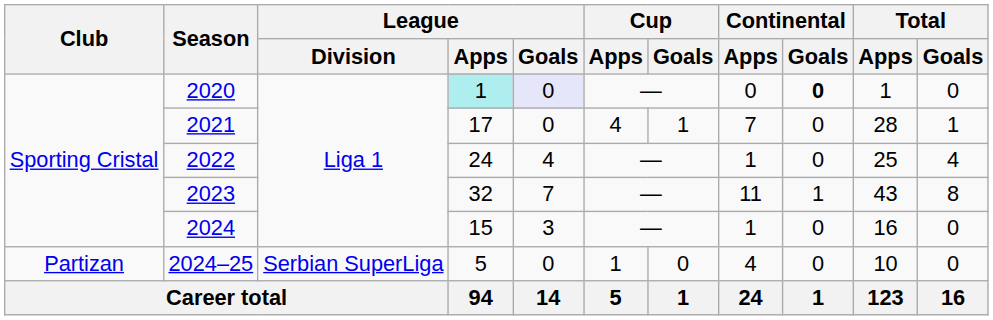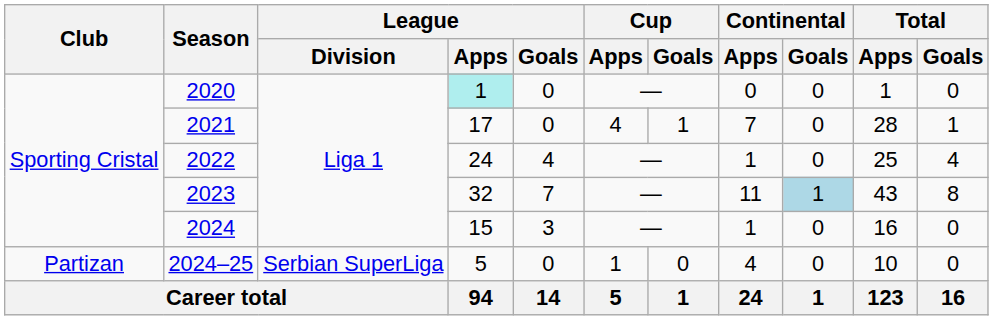 <table class="wikitable" style="text-align: center">
 <tr>
 <th rowspan="2">Club</th>
 <th rowspan="2">Season</th>
 <th colspan="3">League</th>
 <th colspan="2">Cup</th>
 <th colspan="2">Continental</th>
 <th colspan="2">Total</th>
 </tr>
 <tr>
 <th>Division</th>
 <th>Apps</th>
 <th>Goals</th>
 <th>Apps</th>
 <th>Goals</th>
 <th>Apps</th>
 <th>Goals</th>
 <th>Apps</th>
 <th>Goals</th>
 </tr>
 <tr>
 <td rowspan="5"><a href='#'>Sporting Cristal</a></td>
 <td><a href='#'>2020</a></td>
 <td rowspan="5"><a href='#'>Liga 1</a></td>
 <td style="background: paleturquoise;">1</td>
-<td style="background: lavender;">0</td>
+<td>0</td>
 <td colspan="2">—</td>
 <td>0</td>
-<td><strong>0</strong></td>
+<td>0</td>
 <td>1</td>
 <td>0</td>
 </tr>
 <tr>
 <td><a href='#'>2021</a></td>
 <td>17</td>
 <td>0</td>
 <td>4</td>
 <td>1</td>
 <td>7</td>
 <td>0</td>
 <td>28</td>
 <td>1</td>
 </tr>
 <tr>
 <td><a href='#'>2022</a></td>
 <td>24</td>
 <td>4</td>
 <td colspan="2">—</td>
 <td>1</td>
 <td>0</td>
 <td>25</td>
 <td>4</td>
 </tr>
 <tr>
 <td><a href='#'>2023</a></td>
 <td>32</td>
 <td>7</td>
 <td colspan="2">—</td>
 <td>11</td>
-<td>1</td>
+<td style="background: lightblue;">1</td>
 <td>43</td>
 <td>8</td>
 </tr>
 <tr>
 <td><a href='#'>2024</a></td>
 <td>15</td>
 <td>3</td>
 <td colspan="2">—</td>
 <td>1</td>
 <td>0</td>
 <td>16</td>
 <td>0</td>
 </tr>
 <tr>
 <td rowspan="1"><a href='#'>Partizan</a></td>
 <td><a href='#'>2024–25</a></td>
 <td rowspan="1"><a href='#'>Serbian SuperLiga</a></td>
 <td>5</td>
 <td>0</td>
 <td>1</td>
 <td>0</td>
 <td>4</td>
 <td>0</td>
 <td>10</td>
 <td>0</td>
 </tr>
 <tr>
 <th colspan="3"><strong>Career total</strong></th>
 <th>94</th>
 <th>14</th>
 <th>5</th>
 <th>1</th>
 <th>24</th>
 <th>1</th>
 <th>123</th>
 <th>16</th>
 </tr>
 </table>
